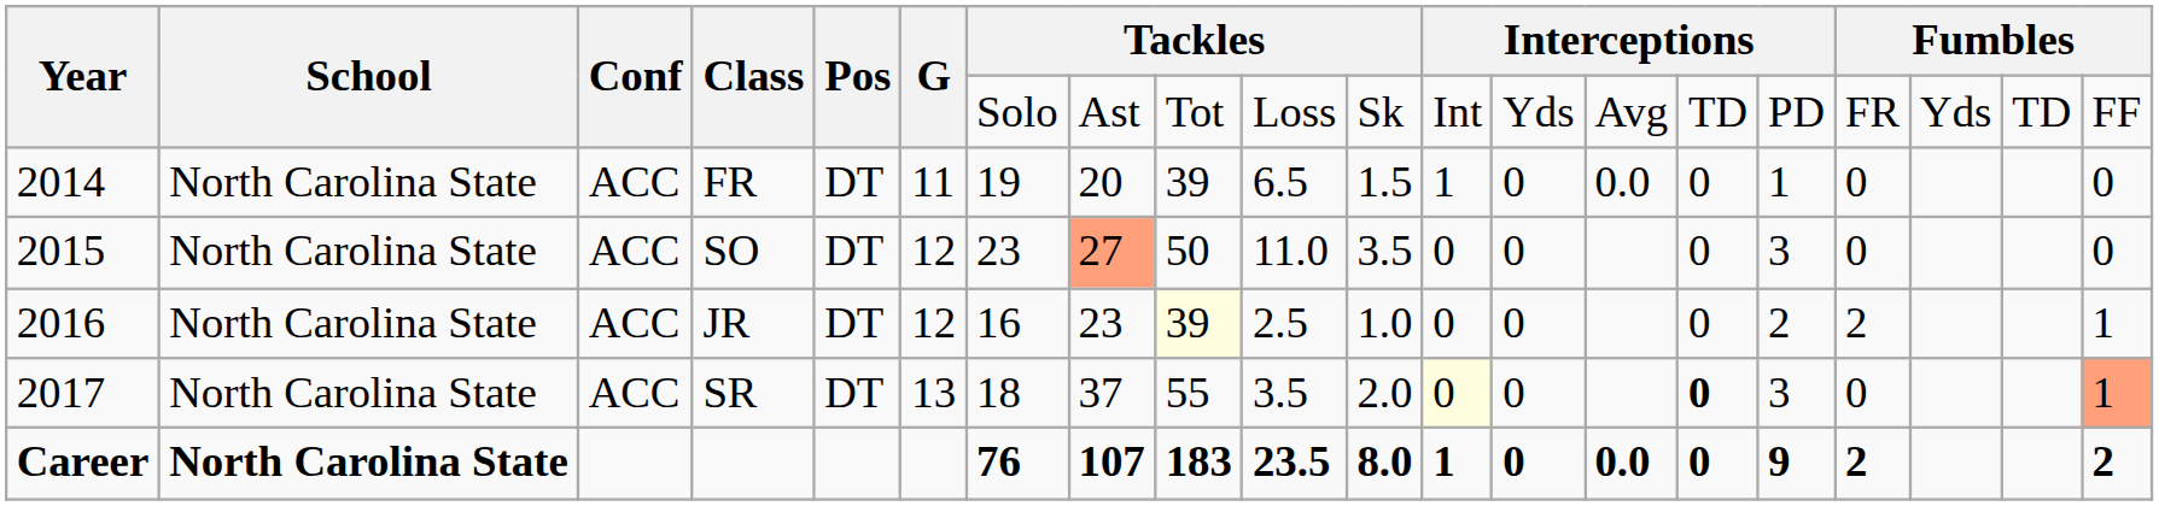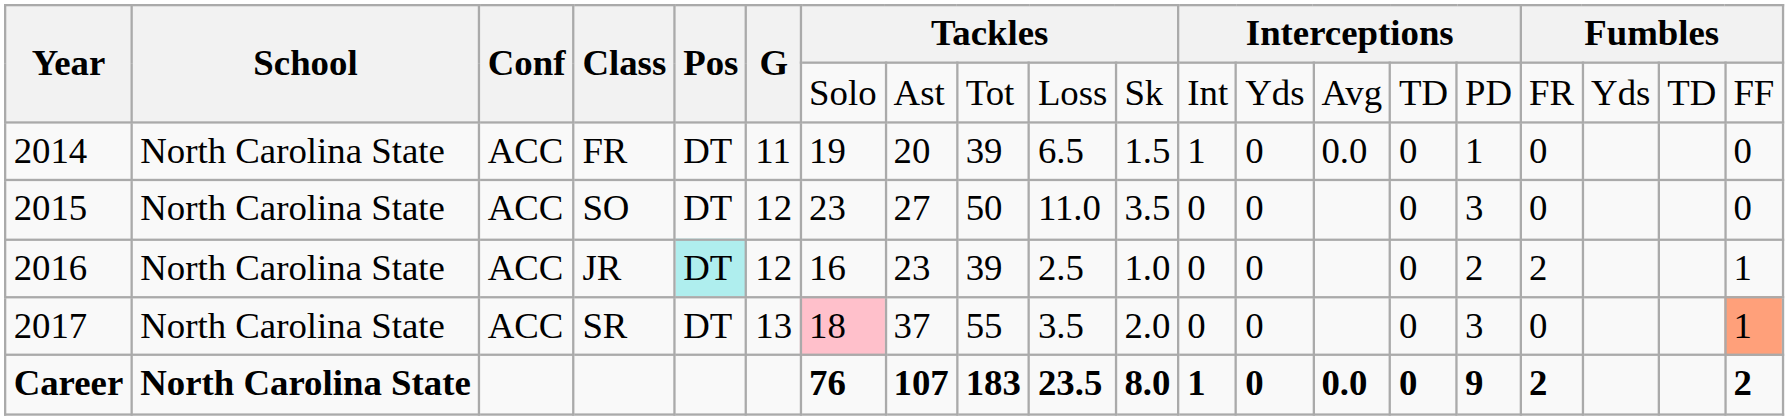 <table class="wikitable">
 <tr>
 <th rowspan="2">Year</th>
 <th rowspan="2">School</th>
 <th rowspan="2">Conf</th>
 <th rowspan="2">Class</th>
 <th rowspan="2">Pos</th>
 <th rowspan="2">G</th>
 <th colspan="5">Tackles</th>
 <th colspan="5">Interceptions</th>
 <th colspan="4">Fumbles</th>
 </tr>
 <tr>
 <td>Solo</td>
 <td>Ast</td>
 <td>Tot</td>
 <td>Loss</td>
 <td>Sk</td>
 <td>Int</td>
 <td>Yds</td>
 <td>Avg</td>
 <td>TD</td>
 <td>PD</td>
 <td>FR</td>
 <td>Yds</td>
 <td>TD</td>
 <td>FF</td>
 </tr>
 <tr>
 <td>2014</td>
 <td>North Carolina State</td>
 <td>ACC</td>
 <td>FR</td>
 <td>DT</td>
 <td>11</td>
 <td>19</td>
 <td>20</td>
 <td>39</td>
 <td>6.5</td>
 <td>1.5</td>
 <td>1</td>
 <td>0</td>
 <td>0.0</td>
 <td>0</td>
 <td>1</td>
 <td>0</td>
 <td></td>
 <td></td>
 <td>0</td>
 </tr>
 <tr>
 <td>2015</td>
 <td>North Carolina State</td>
 <td>ACC</td>
 <td>SO</td>
 <td>DT</td>
 <td>12</td>
 <td>23</td>
-<td style="background: lightsalmon;">27</td>
+<td>27</td>
 <td>50</td>
 <td>11.0</td>
 <td>3.5</td>
 <td>0</td>
 <td>0</td>
 <td></td>
 <td>0</td>
 <td>3</td>
 <td>0</td>
 <td></td>
 <td></td>
 <td>0</td>
 </tr>
 <tr>
 <td>2016</td>
 <td>North Carolina State</td>
 <td>ACC</td>
 <td>JR</td>
-<td>DT</td>
+<td style="background: paleturquoise;">DT</td>
 <td>12</td>
 <td>16</td>
 <td>23</td>
-<td style="background: lightyellow;">39</td>
+<td>39</td>
 <td>2.5</td>
 <td>1.0</td>
 <td>0</td>
 <td>0</td>
 <td></td>
 <td>0</td>
 <td>2</td>
 <td>2</td>
 <td></td>
 <td></td>
 <td>1</td>
 </tr>
 <tr>
 <td>2017</td>
 <td>North Carolina State</td>
 <td>ACC</td>
 <td>SR</td>
 <td>DT</td>
 <td>13</td>
-<td>18</td>
+<td style="background: pink;">18</td>
 <td>37</td>
 <td>55</td>
 <td>3.5</td>
 <td>2.0</td>
-<td style="background: lightyellow;">0</td>
+<td>0</td>
 <td>0</td>
 <td></td>
-<td><strong>0</strong></td>
+<td>0</td>
 <td>3</td>
 <td>0</td>
 <td></td>
 <td></td>
 <td style="background: lightsalmon;">1</td>
 </tr>
 <tr>
 <td style="font-weight:bold;">Career</td>
 <td style="font-weight:bold;">North Carolina State</td>
 <td style="font-weight:bold;"></td>
 <td style="font-weight:bold;"></td>
 <td style="font-weight:bold;"></td>
 <td style="font-weight:bold;"></td>
 <td style="font-weight:bold;">76</td>
 <td style="font-weight:bold;">107</td>
 <td style="font-weight:bold;">183</td>
 <td style="font-weight:bold;">23.5</td>
 <td style="font-weight:bold;">8.0</td>
 <td style="font-weight:bold;">1</td>
 <td style="font-weight:bold;">0</td>
 <td style="font-weight:bold;">0.0</td>
 <td style="font-weight:bold;">0</td>
 <td style="font-weight:bold;">9</td>
 <td style="font-weight:bold;">2</td>
 <td style="font-weight:bold;"></td>
 <td style="font-weight:bold;"></td>
 <td style="font-weight:bold;">2</td>
 </tr>
 </table>
